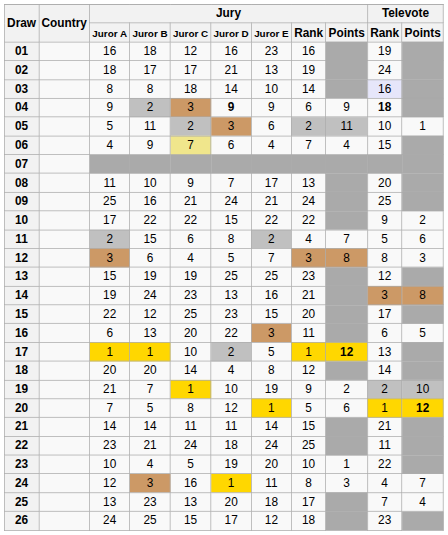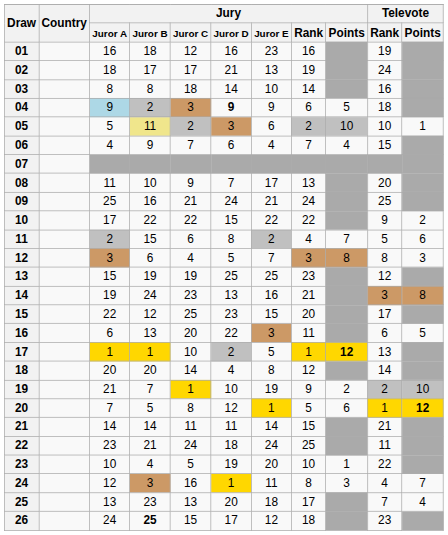 <table class="sortable wikitable collapsible plainrowheaders" style="text-align:center;">
 <tr>
 </tr>
 <tr>
 <th scope="col" rowspan="2">Draw</th>
 <th scope="col" rowspan="2">Country</th>
 <th scope="col" colspan="7">Jury</th>
 <th scope="col" colspan="2">Televote</th>
 </tr>
 <tr>
 <th scope="col"><small>Juror A</small></th>
 <th scope="col"><small>Juror B</small></th>
 <th scope="col"><small>Juror C</small></th>
 <th scope="col"><small>Juror D</small></th>
 <th scope="col"><small>Juror E</small></th>
 <th scope="col">Rank</th>
 <th scope="col">Points</th>
 <th scope="col">Rank</th>
 <th scope="col">Points</th>
 </tr>
 <tr>
 <th scope="row" style="text-align:center;">01</th>
 <td style="text-align:left;"></td>
 <td>16</td>
 <td>18</td>
 <td>12</td>
 <td>16</td>
 <td>23</td>
 <td>16</td>
 <td style="background:#AAAAAA;"></td>
 <td>19</td>
 <td style="background:#AAAAAA;"></td>
 </tr>
 <tr>
 <th scope="row" style="text-align:center;">02</th>
 <td style="text-align:left;"></td>
 <td>18</td>
 <td>17</td>
 <td>17</td>
 <td>21</td>
 <td>13</td>
 <td>19</td>
 <td style="background:#AAAAAA;"></td>
 <td>24</td>
 <td style="background:#AAAAAA;"></td>
 </tr>
 <tr>
 <th scope="row" style="text-align:center;">03</th>
 <td style="text-align:left;"></td>
 <td>8</td>
 <td>8</td>
 <td>18</td>
 <td>14</td>
 <td>10</td>
 <td>14</td>
 <td style="background:#AAAAAA;"></td>
-<td style="background: lavender;">16</td>
+<td>16</td>
 <td style="background:#AAAAAA;"></td>
 </tr>
 <tr>
 <th scope="row" style="text-align:center;">04</th>
 <td style="text-align:left;"></td>
-<td>9</td>
+<td style="background: lightblue;">9</td>
 <td style="background:silver;">2</td>
 <td style="background:#CC9966;">3</td>
 <td><strong>9</strong></td>
 <td>9</td>
 <td>6</td>
-<td>9</td>
-<td><strong>18</strong></td>
+<td>5</td>
+<td>18</td>
 <td style="background:#AAAAAA;"></td>
 </tr>
 <tr>
 <th scope="row" style="text-align:center;">05</th>
 <td style="text-align:left;"></td>
 <td>5</td>
-<td>11</td>
+<td style="background: khaki;">11</td>
 <td style="background:silver;">2</td>
 <td style="background:#CC9966;">3</td>
 <td>6</td>
 <td style="background:silver;">2</td>
-<td style="background:silver;">11</td>
+<td style="background:silver;">10</td>
 <td>10</td>
 <td>1</td>
 </tr>
 <tr>
 <th scope="row" style="text-align:center;">06</th>
 <td style="text-align:left;"></td>
 <td>4</td>
 <td>9</td>
-<td style="background: khaki;">7</td>
+<td>7</td>
 <td>6</td>
 <td>4</td>
 <td>7</td>
 <td>4</td>
 <td>15</td>
 <td style="background:#AAAAAA;"></td>
 </tr>
 <tr class="sortbottom">
 <th scope="row" style="text-align:center;">07</th>
 <td style="text-align:left;"></td>
 <td style="background:#AAAAAA;"></td>
 <td style="background:#AAAAAA;"></td>
 <td style="background:#AAAAAA;"></td>
 <td style="background:#AAAAAA;"></td>
 <td style="background:#AAAAAA;"></td>
 <td style="background:#AAAAAA;"></td>
 <td style="background:#AAAAAA;"></td>
 <td style="background:#AAAAAA;"></td>
 <td style="background:#AAAAAA;"></td>
 </tr>
 <tr>
 <th scope="row" style="text-align:center;">08</th>
 <td style="text-align:left;"></td>
 <td>11</td>
 <td>10</td>
 <td>9</td>
 <td>7</td>
 <td>17</td>
 <td>13</td>
 <td style="background:#AAAAAA;"></td>
 <td>20</td>
 <td style="background:#AAAAAA;"></td>
 </tr>
 <tr>
 <th scope="row" style="text-align:center;">09</th>
 <td style="text-align:left;"></td>
 <td>25</td>
 <td>16</td>
 <td>21</td>
 <td>24</td>
 <td>21</td>
 <td>24</td>
 <td style="background:#AAAAAA;"></td>
 <td>25</td>
 <td style="background:#AAAAAA;"></td>
 </tr>
 <tr>
 <th scope="row" style="text-align:center;">10</th>
 <td style="text-align:left;"></td>
 <td>17</td>
 <td>22</td>
 <td>22</td>
 <td>15</td>
 <td>22</td>
 <td>22</td>
 <td style="background:#AAAAAA;"></td>
 <td>9</td>
 <td>2</td>
 </tr>
 <tr>
 <th scope="row" style="text-align:center;">11</th>
 <td style="text-align:left;"></td>
 <td style="background:silver;">2</td>
 <td>15</td>
 <td>6</td>
 <td>8</td>
 <td style="background:silver;">2</td>
 <td>4</td>
 <td>7</td>
 <td>5</td>
 <td>6</td>
 </tr>
 <tr>
 <th scope="row" style="text-align:center;">12</th>
 <td style="text-align:left;"></td>
 <td style="background:#CC9966;">3</td>
 <td>6</td>
 <td>4</td>
 <td>5</td>
 <td>7</td>
 <td style="background:#CC9966;">3</td>
 <td style="background:#CC9966;">8</td>
 <td>8</td>
 <td>3</td>
 </tr>
 <tr>
 <th scope="row" style="text-align:center;">13</th>
 <td style="text-align:left;"></td>
 <td>15</td>
 <td>19</td>
 <td>19</td>
 <td>25</td>
 <td>25</td>
 <td>23</td>
 <td style="background:#AAAAAA;"></td>
 <td>12</td>
 <td style="background:#AAAAAA;"></td>
 </tr>
 <tr>
 <th scope="row" style="text-align:center;">14</th>
 <td style="text-align:left;"></td>
 <td>19</td>
 <td>24</td>
 <td>23</td>
 <td>13</td>
 <td>16</td>
 <td>21</td>
 <td style="background:#AAAAAA;"></td>
 <td style="background:#CC9966;">3</td>
 <td style="background:#CC9966;">8</td>
 </tr>
 <tr>
 <th scope="row" style="text-align:center;">15</th>
 <td style="text-align:left;"></td>
 <td>22</td>
 <td>12</td>
 <td>25</td>
 <td>23</td>
 <td>15</td>
 <td>20</td>
 <td style="background:#AAAAAA;"></td>
 <td>17</td>
 <td style="background:#AAAAAA;"></td>
 </tr>
 <tr>
 <th scope="row" style="text-align:center;">16</th>
 <td style="text-align:left;"></td>
 <td>6</td>
 <td>13</td>
 <td>20</td>
 <td>22</td>
 <td style="background:#CC9966;">3</td>
 <td>11</td>
 <td style="background:#AAAAAA;"></td>
 <td>6</td>
 <td>5</td>
 </tr>
 <tr>
 <th scope="row" style="text-align:center;">17</th>
 <td style="text-align:left;"></td>
 <td style="background:gold;">1</td>
 <td style="background:gold;">1</td>
 <td>10</td>
 <td style="background:silver;">2</td>
 <td>5</td>
 <td style="background:gold;">1</td>
 <td style="background:gold;"><strong>12</strong></td>
 <td>13</td>
 <td style="background:#AAAAAA;"></td>
 </tr>
 <tr>
 <th scope="row" style="text-align:center;">18</th>
 <td style="text-align:left;"></td>
 <td>20</td>
 <td>20</td>
 <td>14</td>
 <td>4</td>
 <td>8</td>
 <td>12</td>
 <td style="background:#AAAAAA;"></td>
 <td>14</td>
 <td style="background:#AAAAAA;"></td>
 </tr>
 <tr>
 <th scope="row" style="text-align:center;">19</th>
 <td style="text-align:left;"></td>
 <td>21</td>
 <td>7</td>
 <td style="background:gold;">1</td>
 <td>10</td>
 <td>19</td>
 <td>9</td>
 <td>2</td>
 <td style="background:silver;">2</td>
 <td style="background:silver;">10</td>
 </tr>
 <tr>
 <th scope="row" style="text-align:center;">20</th>
 <td style="text-align:left;"></td>
 <td>7</td>
 <td>5</td>
 <td>8</td>
 <td>12</td>
 <td style="background:gold;">1</td>
 <td>5</td>
 <td>6</td>
 <td style="background:gold;">1</td>
 <td style="background:gold;"><strong>12</strong></td>
 </tr>
 <tr>
 <th scope="row" style="text-align:center;">21</th>
 <td style="text-align:left;"></td>
 <td>14</td>
 <td>14</td>
 <td>11</td>
 <td>11</td>
 <td>14</td>
 <td>15</td>
 <td style="background:#AAAAAA;"></td>
 <td>21</td>
 <td style="background:#AAAAAA;"></td>
 </tr>
 <tr>
 <th scope="row" style="text-align:center;">22</th>
 <td style="text-align:left;"></td>
 <td>23</td>
 <td>21</td>
 <td>24</td>
 <td>18</td>
 <td>24</td>
 <td>25</td>
 <td style="background:#AAAAAA;"></td>
 <td>11</td>
 <td style="background:#AAAAAA;"></td>
 </tr>
 <tr>
 <th scope="row" style="text-align:center;">23</th>
 <td style="text-align:left;"></td>
 <td>10</td>
 <td>4</td>
 <td>5</td>
 <td>19</td>
 <td>20</td>
 <td>10</td>
 <td>1</td>
 <td>22</td>
 <td style="background:#AAAAAA;"></td>
 </tr>
 <tr>
 <th scope="row" style="text-align:center;">24</th>
 <td style="text-align:left;"></td>
 <td>12</td>
 <td style="background:#CC9966;">3</td>
 <td>16</td>
 <td style="background:gold;">1</td>
 <td>11</td>
 <td>8</td>
 <td>3</td>
 <td>4</td>
 <td>7</td>
 </tr>
 <tr>
 <th scope="row" style="text-align:center;">25</th>
 <td style="text-align:left;"></td>
 <td>13</td>
 <td>23</td>
 <td>13</td>
 <td>20</td>
 <td>18</td>
 <td>17</td>
 <td style="background:#AAAAAA;"></td>
 <td>7</td>
 <td>4</td>
 </tr>
 <tr>
 <th scope="row" style="text-align:center;">26</th>
 <td style="text-align:left;"></td>
 <td>24</td>
-<td>25</td>
+<td><strong>25</strong></td>
 <td>15</td>
 <td>17</td>
 <td>12</td>
 <td>18</td>
 <td style="background:#AAAAAA;"></td>
 <td>23</td>
 <td style="background:#AAAAAA;"></td>
 </tr>
 </table>
